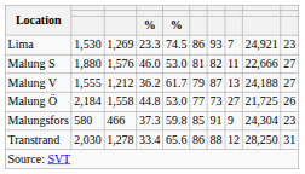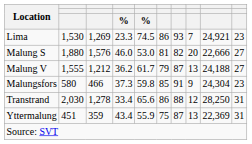 <table role="presentation" class="wikitable sortable mw-collapsible">
 <tr>
 <th rowspan="3">Location</th>
 <th></th>
 <th></th>
 <th></th>
 <th></th>
 <th></th>
 <th></th>
 <th></th>
 <th></th>
 <th></th>
 </tr>
 <tr>
 <th></th>
 <th></th>
 <th style="background:"></th>
 <th style="background:"></th>
 <th></th>
 <th></th>
 <th></th>
 <th></th>
 <th></th>
 </tr>
 <tr>
 <th data-sort-type="number"></th>
 <th data-sort-type="number"></th>
 <th data-sort-type="number">%</th>
 <th data-sort-type="number">%</th>
 <th data-sort-type="number"></th>
 <th data-sort-type="number"></th>
 <th data-sort-type="number"></th>
 <th data-sort-type="number"></th>
 <th data-sort-type="number"></th>
 </tr>
 <tr>
 <td align="left">Lima</td>
 <td>1,530</td>
 <td>1,269</td>
 <td>23.3</td>
 <td>74.5</td>
 <td>86</td>
 <td>93</td>
 <td>7</td>
 <td>24,921</td>
 <td>23</td>
 </tr>
 <tr>
 <td align="left">Malung S</td>
 <td>1,880</td>
 <td>1,576</td>
 <td>46.0</td>
 <td>53.0</td>
 <td>81</td>
 <td>82</td>
-<td>11</td>
+<td>20</td>
 <td>22,666</td>
 <td>27</td>
 </tr>
 <tr>
 <td align="left">Malung V</td>
 <td>1,555</td>
 <td>1,212</td>
 <td>36.2</td>
 <td>61.7</td>
 <td>79</td>
 <td>87</td>
 <td>13</td>
 <td>24,188</td>
 <td>27</td>
-</tr>
-<tr>
-<td align="left">Malung Ö</td>
-<td>2,184</td>
-<td>1,558</td>
-<td>44.8</td>
-<td>53.0</td>
-<td>77</td>
-<td>73</td>
-<td>27</td>
-<td>21,725</td>
-<td>26</td>
 </tr>
 <tr>
 <td align="left">Malungsfors</td>
 <td>580</td>
 <td>466</td>
 <td>37.3</td>
 <td>59.8</td>
 <td>85</td>
 <td>91</td>
 <td>9</td>
 <td>24,304</td>
 <td>23</td>
 </tr>
 <tr>
 <td align="left">Transtrand</td>
 <td>2,030</td>
 <td>1,278</td>
 <td>33.4</td>
 <td>65.6</td>
 <td>86</td>
 <td>88</td>
 <td>12</td>
 <td>28,250</td>
 <td>31</td>
 </tr>
 <tr>
+<td align="left">Yttermalung</td>
+<td>451</td>
+<td>359</td>
+<td>43.4</td>
+<td>55.9</td>
+<td>75</td>
+<td>87</td>
+<td>13</td>
+<td>22,369</td>
+<td>31</td>
+</tr>
+<tr>
 <td colspan="10" align="left">Source: <a href='#'>SVT</a></td>
 </tr>
 </table>
